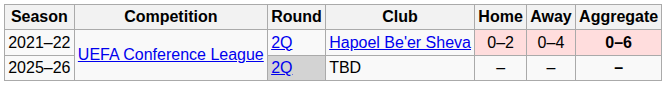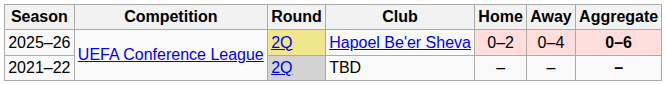 <table class="wikitable" style="text-align:left">
 <tr>
 <th>Season</th>
 <th>Competition</th>
 <th>Round</th>
 <th>Club</th>
 <th>Home</th>
 <th>Away</th>
 <th>Aggregate</th>
 </tr>
 <tr>
-<td>2021–22</td>
+<td>2025–26</td>
 <td rowspan="2"><a href='#'>UEFA Conference League</a></td>
-<td><a href='#'>2Q</a></td>
+<td style="background: khaki;"><a href='#'>2Q</a></td>
 <td> <a href='#'>Hapoel Be'er Sheva</a></td>
 <td bgcolor="#ffdddd" style="text-align:center;">0–2</td>
 <td bgcolor="#ffdddd" style="text-align:center;">0–4</td>
 <td bgcolor="#ffdddd" style="text-align:center;"><strong>0–6</strong></td>
 </tr>
 <tr>
-<td>2025–26</td>
+<td>2021–22</td>
 <td style="background: lightgrey;"><a href='#'>2Q</a></td>
 <td>TBD</td>
 <td style="text-align:center;">–</td>
 <td style="text-align:center;">–</td>
 <td style="text-align:center;"><strong>–</strong></td>
 </tr>
 </table>
